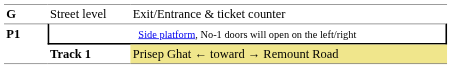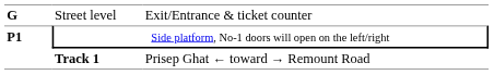 <table table border=0 cellspacing=0 cellpadding=3>
 <tr>
 <td style="border-top:solid 1px gray;" width=50 valign=top><strong>G</strong></td>
 <td style="border-top:solid 1px gray;" width=100 valign=top>Street level</td>
 <td style="border-top:solid 1px gray;" width=400 valign=top>Exit/Entrance & ticket counter</td>
 </tr>
 <tr>
 <td style="border-top:solid 1px gray;border-bottom:solid 1px gray;" width=50 rowspan=6 valign=top><strong>P1</strong></td>
 <td style="border-top:solid 1px gray;border-right:solid 2px black;border-left:solid 2px black;border-bottom:solid 2px black;text-align:center;" colspan=2><small><a href='#'>Side platform</a>, No-1 doors will open on the left/right</small></td>
 </tr>
 <tr>
 <td style="border-bottom:solid 1px gray;" width=100><strong>Track 1</strong></td>
-<td style="background: khaki; border-bottom:solid 1px gray;" width=400>Prisep Ghat ← toward → Remount Road</td>
+<td style="border-bottom:solid 1px gray;" width=400>Prisep Ghat ← toward → Remount Road</td>
 </tr>
 <tr>
 </tr>
 </table>
